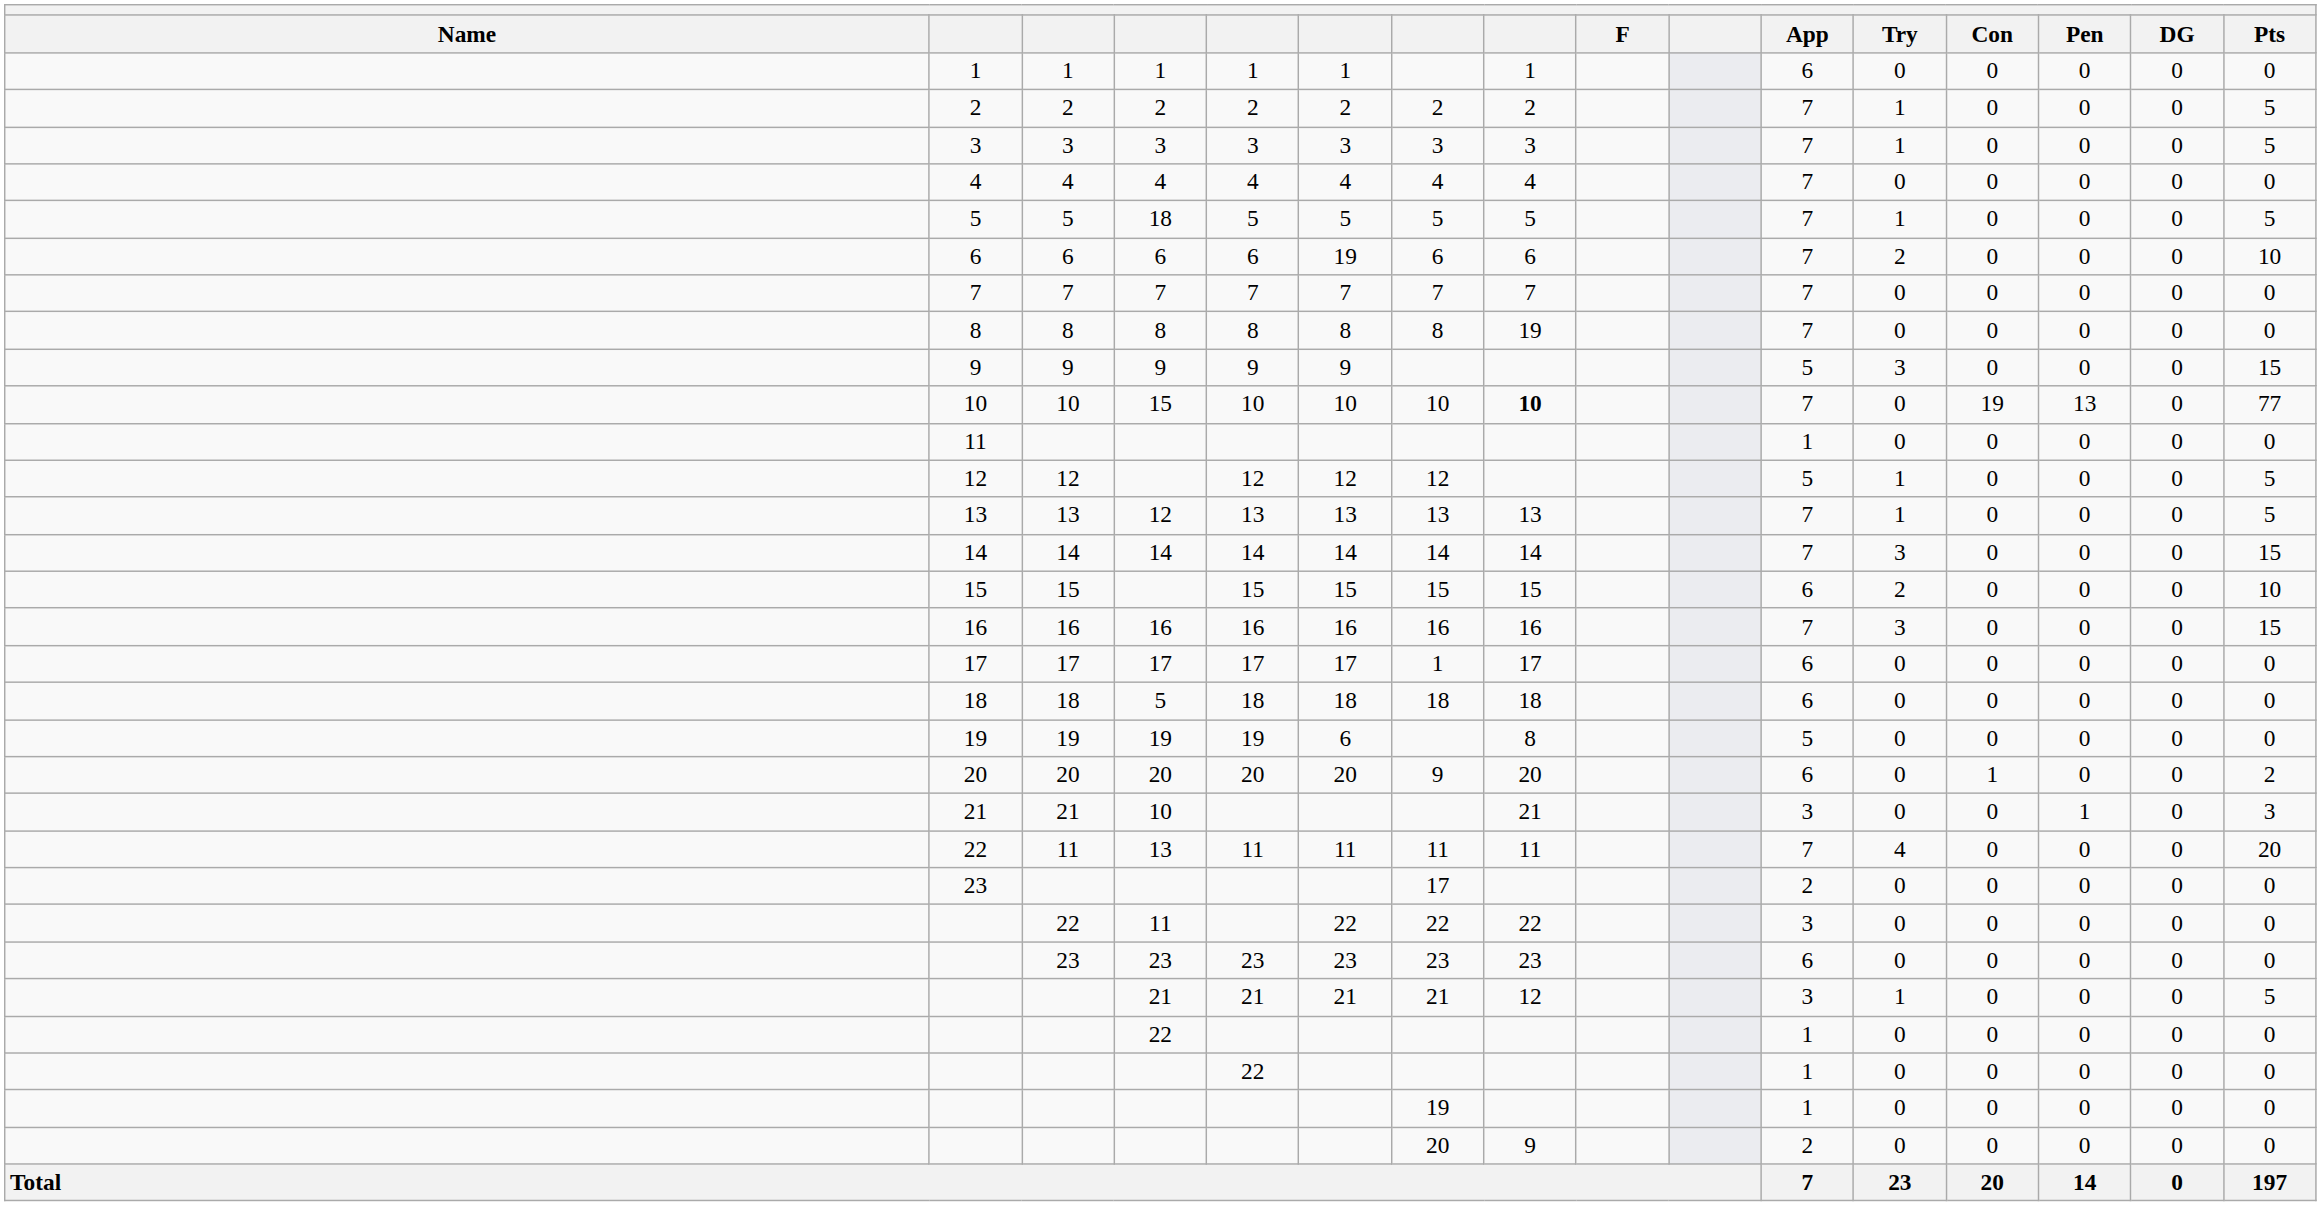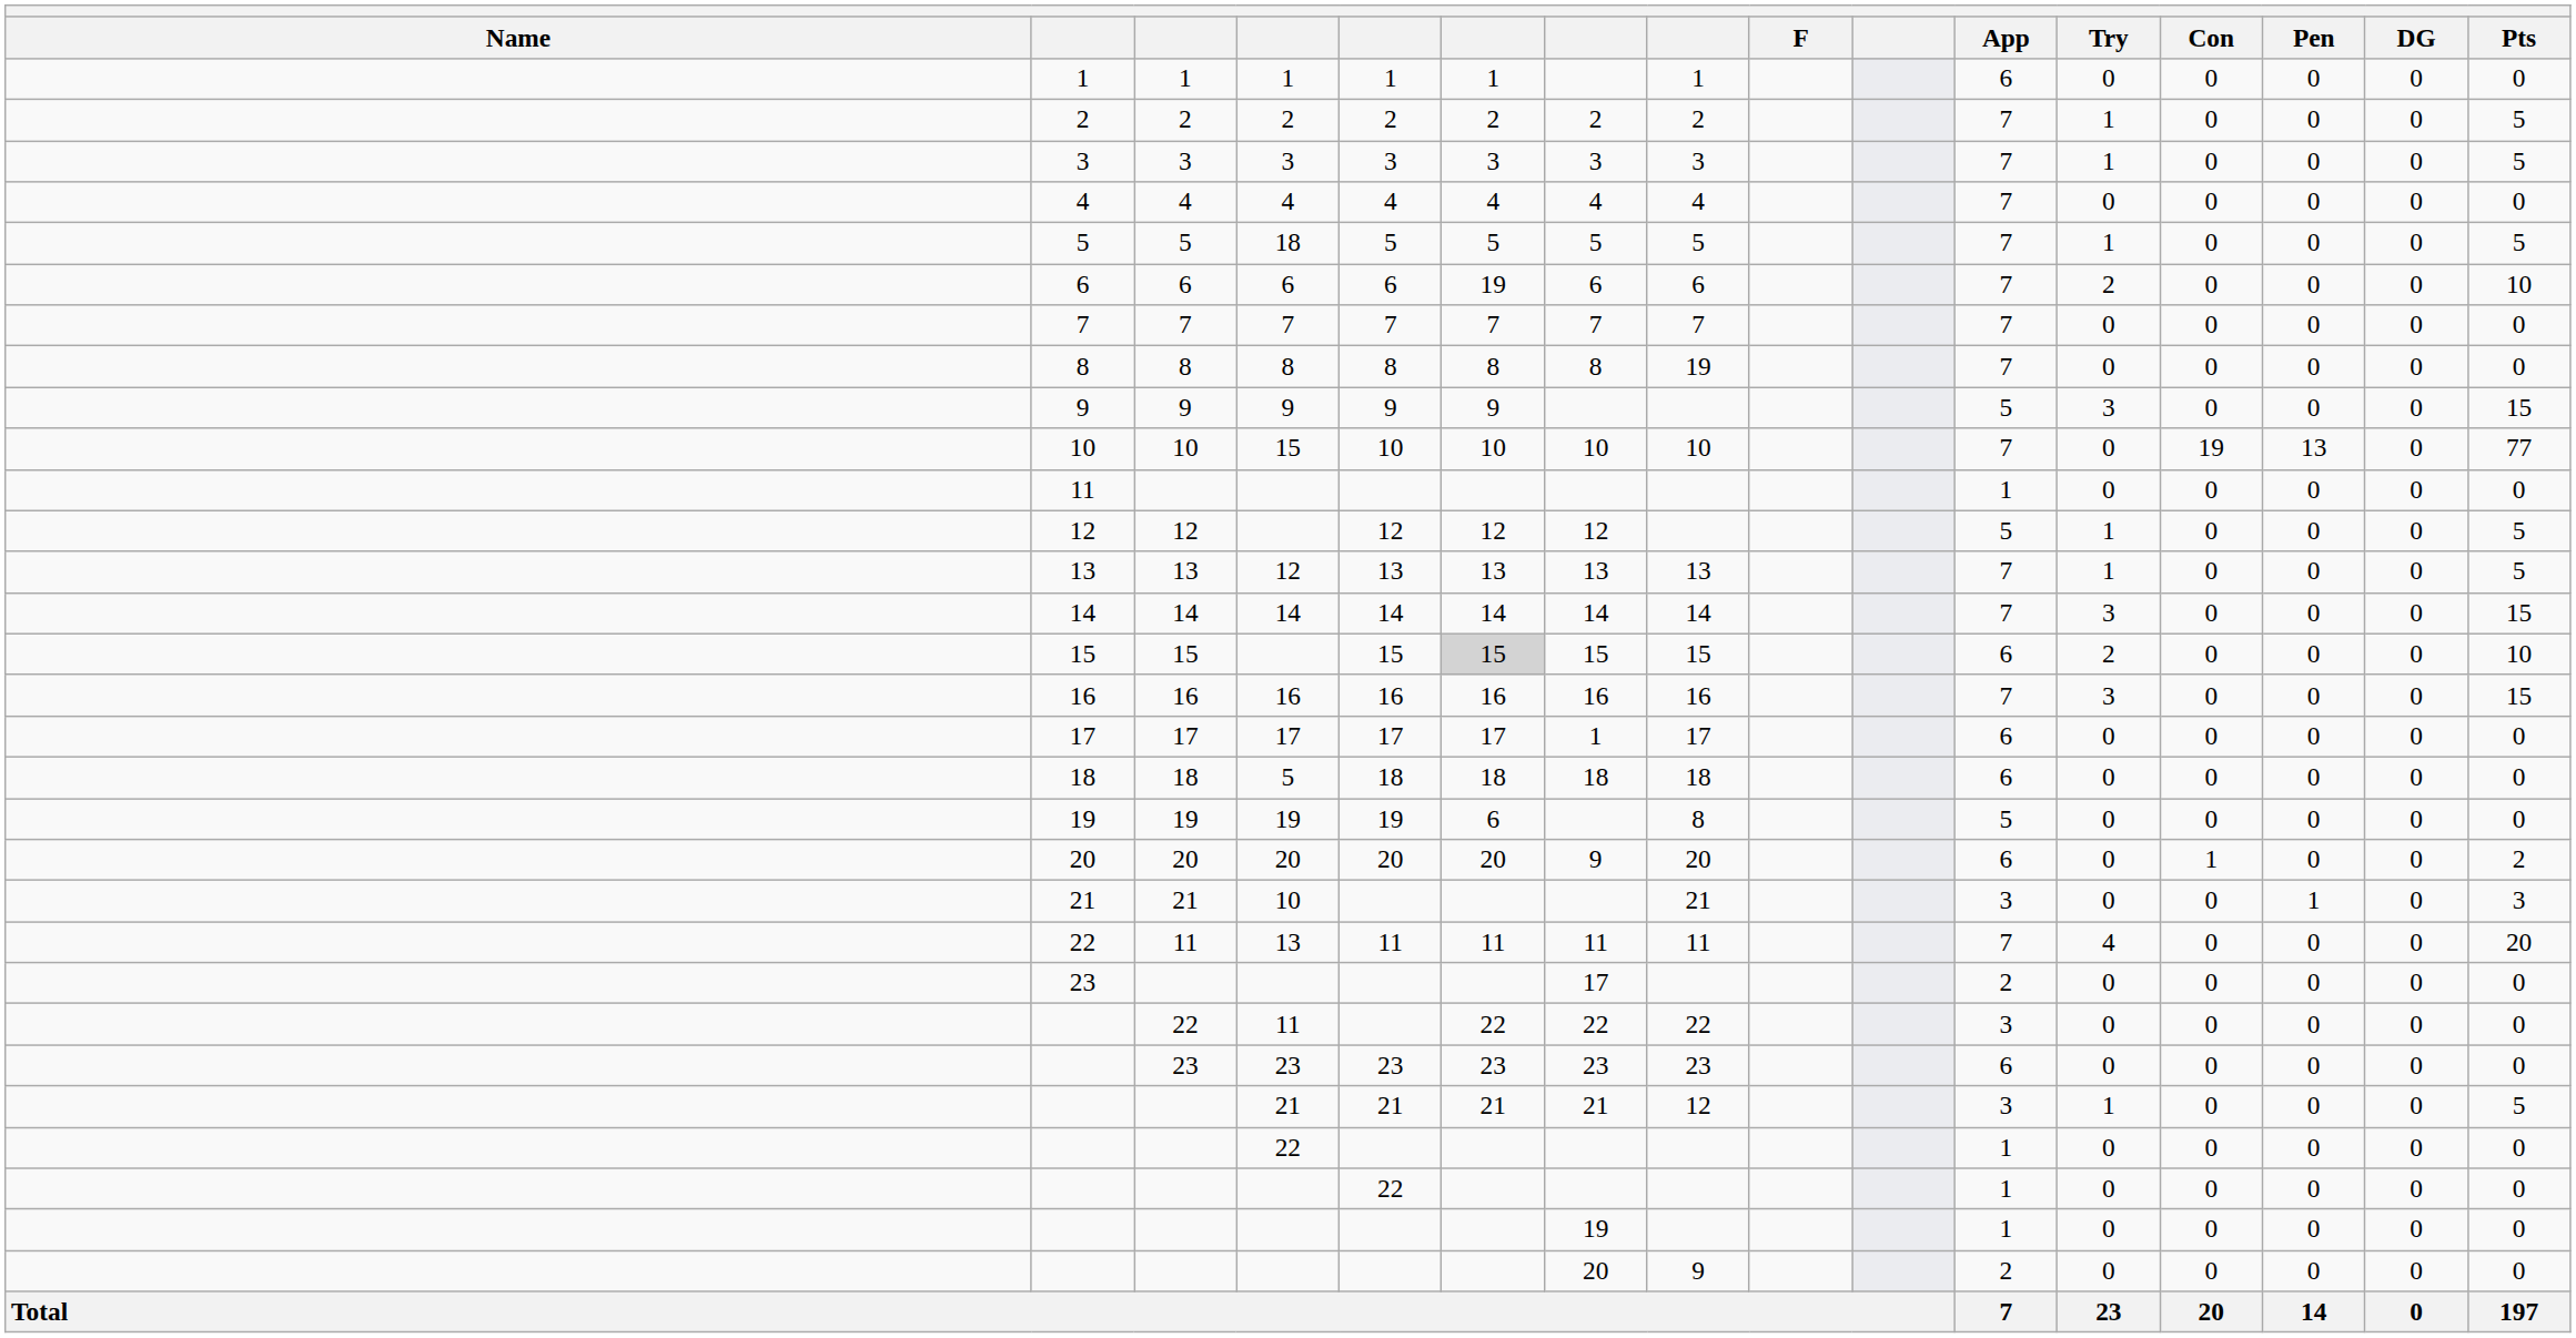 <table class="wikitable collapsible collapsed" style="text-align:center; font-size:100%; width:100%">
 <tr>
 <th colspan="100%"></th>
 </tr>
 <tr>
 <th style="width:40%;">Name</th>
 <th style="width:4%;"></th>
 <th style="width:4%;"></th>
 <th style="width:4%;"></th>
 <th style="width:4%;"></th>
 <th style="width:4%;"></th>
 <th style="width:4%;"></th>
 <th style="width:4%;"></th>
 <th style="width:4%;">F</th>
 <th style="width:4%;"></th>
 <th style="width:4%;">App</th>
 <th style="width:4%;">Try</th>
 <th style="width:4%;">Con</th>
 <th style="width:4%;">Pen</th>
 <th style="width:4%;">DG</th>
 <th style="width:4%;">Pts</th>
 </tr>
 <tr>
 <td style="text-align:left;"></td>
 <td>1</td>
 <td>1</td>
 <td>1</td>
 <td>1</td>
 <td>1</td>
 <td></td>
 <td>1</td>
 <td></td>
 <td style="background:#EBECF0;"></td>
 <td>6</td>
 <td>0</td>
 <td>0</td>
 <td>0</td>
 <td>0</td>
 <td>0</td>
 </tr>
 <tr>
 <td style="text-align:left;"></td>
 <td>2</td>
 <td>2</td>
 <td>2</td>
 <td>2</td>
 <td>2</td>
 <td>2</td>
 <td>2</td>
 <td></td>
 <td style="background:#EBECF0;"></td>
 <td>7</td>
 <td>1</td>
 <td>0</td>
 <td>0</td>
 <td>0</td>
 <td>5</td>
 </tr>
 <tr>
 <td style="text-align:left;"></td>
 <td>3</td>
 <td>3</td>
 <td>3</td>
 <td>3</td>
 <td>3</td>
 <td>3</td>
 <td>3</td>
 <td></td>
 <td style="background:#EBECF0;"></td>
 <td>7</td>
 <td>1</td>
 <td>0</td>
 <td>0</td>
 <td>0</td>
 <td>5</td>
 </tr>
 <tr>
 <td style="text-align:left;"></td>
 <td>4</td>
 <td>4</td>
 <td>4</td>
 <td>4</td>
 <td>4</td>
 <td>4</td>
 <td>4</td>
 <td></td>
 <td style="background:#EBECF0;"></td>
 <td>7</td>
 <td>0</td>
 <td>0</td>
 <td>0</td>
 <td>0</td>
 <td>0</td>
 </tr>
 <tr>
 <td style="text-align:left;"></td>
 <td>5</td>
 <td>5</td>
 <td>18 </td>
 <td>5</td>
 <td>5</td>
 <td>5</td>
 <td>5</td>
 <td></td>
 <td style="background:#EBECF0;"></td>
 <td>7</td>
 <td>1</td>
 <td>0</td>
 <td>0</td>
 <td>0</td>
 <td>5</td>
 </tr>
 <tr>
 <td style="text-align:left;"></td>
 <td>6</td>
 <td>6</td>
 <td>6</td>
 <td>6</td>
 <td>19 </td>
 <td>6</td>
 <td>6</td>
 <td></td>
 <td style="background:#EBECF0;"></td>
 <td>7</td>
 <td>2</td>
 <td>0</td>
 <td>0</td>
 <td>0</td>
 <td>10</td>
 </tr>
 <tr>
 <td style="text-align:left;"></td>
 <td>7</td>
 <td>7</td>
 <td>7</td>
 <td>7</td>
 <td>7</td>
 <td>7</td>
 <td>7</td>
 <td></td>
 <td style="background:#EBECF0;"></td>
 <td>7</td>
 <td>0</td>
 <td>0</td>
 <td>0</td>
 <td>0</td>
 <td>0</td>
 </tr>
 <tr>
 <td style="text-align:left;"></td>
 <td>8</td>
 <td>8</td>
 <td>8</td>
 <td>8</td>
 <td>8</td>
 <td>8</td>
 <td>19 </td>
 <td></td>
 <td style="background:#EBECF0;"></td>
 <td>7</td>
 <td>0</td>
 <td>0</td>
 <td>0</td>
 <td>0</td>
 <td>0</td>
 </tr>
 <tr>
 <td style="text-align:left;"></td>
 <td>9</td>
 <td>9</td>
 <td>9</td>
 <td>9</td>
 <td>9</td>
 <td></td>
 <td></td>
 <td></td>
 <td style="background:#EBECF0;"></td>
 <td>5</td>
 <td>3</td>
 <td>0</td>
 <td>0</td>
 <td>0</td>
 <td>15</td>
 </tr>
 <tr>
 <td style="text-align:left;"></td>
 <td>10</td>
 <td>10</td>
 <td>15</td>
 <td>10</td>
 <td>10</td>
 <td>10</td>
-<td><strong>10</strong></td>
+<td>10</td>
 <td></td>
 <td style="background:#EBECF0;"></td>
 <td>7</td>
 <td>0</td>
 <td>19</td>
 <td>13</td>
 <td>0</td>
 <td>77</td>
 </tr>
 <tr>
 <td style="text-align:left;"></td>
 <td>11</td>
 <td></td>
 <td></td>
 <td></td>
 <td></td>
 <td></td>
 <td></td>
 <td></td>
 <td style="background:#EBECF0;"></td>
 <td>1</td>
 <td>0</td>
 <td>0</td>
 <td>0</td>
 <td>0</td>
 <td>0</td>
 </tr>
 <tr>
 <td style="text-align:left;"></td>
 <td>12</td>
 <td>12</td>
 <td></td>
 <td>12</td>
 <td>12</td>
 <td>12</td>
 <td></td>
 <td></td>
 <td style="background:#EBECF0;"></td>
 <td>5</td>
 <td>1</td>
 <td>0</td>
 <td>0</td>
 <td>0</td>
 <td>5</td>
 </tr>
 <tr>
 <td style="text-align:left;"></td>
 <td>13</td>
 <td>13</td>
 <td>12</td>
 <td>13</td>
 <td>13</td>
 <td>13</td>
 <td>13</td>
 <td></td>
 <td style="background:#EBECF0;"></td>
 <td>7</td>
 <td>1</td>
 <td>0</td>
 <td>0</td>
 <td>0</td>
 <td>5</td>
 </tr>
 <tr>
 <td style="text-align:left;"></td>
 <td>14</td>
 <td>14</td>
 <td>14</td>
 <td>14</td>
 <td>14</td>
 <td>14</td>
 <td>14</td>
 <td></td>
 <td style="background:#EBECF0;"></td>
 <td>7</td>
 <td>3</td>
 <td>0</td>
 <td>0</td>
 <td>0</td>
 <td>15</td>
 </tr>
 <tr>
 <td style="text-align:left;"></td>
 <td>15</td>
 <td>15</td>
 <td></td>
 <td>15</td>
-<td>15</td>
+<td style="background: lightgrey;">15</td>
 <td>15</td>
 <td>15</td>
 <td></td>
 <td style="background:#EBECF0;"></td>
 <td>6</td>
 <td>2</td>
 <td>0</td>
 <td>0</td>
 <td>0</td>
 <td>10</td>
 </tr>
 <tr>
 <td style="text-align:left;"></td>
 <td>16 </td>
 <td>16 </td>
 <td>16 </td>
 <td>16 </td>
 <td>16 </td>
 <td>16 </td>
 <td>16 </td>
 <td></td>
 <td style="background:#EBECF0;"></td>
 <td>7</td>
 <td>3</td>
 <td>0</td>
 <td>0</td>
 <td>0</td>
 <td>15</td>
 </tr>
 <tr>
 <td style="text-align:left;"></td>
 <td>17 </td>
 <td>17</td>
 <td>17 </td>
 <td>17 </td>
 <td>17 </td>
 <td>1</td>
 <td>17 </td>
 <td></td>
 <td style="background:#EBECF0;"></td>
 <td>6</td>
 <td>0</td>
 <td>0</td>
 <td>0</td>
 <td>0</td>
 <td>0</td>
 </tr>
 <tr>
 <td style="text-align:left;"></td>
 <td>18 </td>
 <td>18 </td>
 <td>5</td>
 <td>18 </td>
 <td>18 </td>
 <td>18</td>
 <td>18 </td>
 <td></td>
 <td style="background:#EBECF0;"></td>
 <td>6</td>
 <td>0</td>
 <td>0</td>
 <td>0</td>
 <td>0</td>
 <td>0</td>
 </tr>
 <tr>
 <td style="text-align:left;"></td>
 <td>19 </td>
 <td>19</td>
 <td>19 </td>
 <td>19 </td>
 <td>6</td>
 <td></td>
 <td>8</td>
 <td></td>
 <td style="background:#EBECF0;"></td>
 <td>5</td>
 <td>0</td>
 <td>0</td>
 <td>0</td>
 <td>0</td>
 <td>0</td>
 </tr>
 <tr>
 <td style="text-align:left;"></td>
 <td>20 </td>
 <td>20</td>
 <td>20 </td>
 <td>20 </td>
 <td>20 </td>
 <td>9</td>
 <td>20 </td>
 <td></td>
 <td style="background:#EBECF0;"></td>
 <td>6</td>
 <td>0</td>
 <td>1</td>
 <td>0</td>
 <td>0</td>
 <td>2</td>
 </tr>
 <tr>
 <td style="text-align:left;"></td>
 <td>21 </td>
 <td>21 </td>
 <td>10</td>
 <td></td>
 <td></td>
 <td></td>
 <td>21</td>
 <td></td>
 <td style="background:#EBECF0;"></td>
 <td>3</td>
 <td>0</td>
 <td>0</td>
 <td>1</td>
 <td>0</td>
 <td>3</td>
 </tr>
 <tr>
 <td style="text-align:left;"></td>
 <td>22 </td>
 <td>11</td>
 <td>13</td>
 <td>11</td>
 <td>11</td>
 <td>11</td>
 <td>11</td>
 <td></td>
 <td style="background:#EBECF0;"></td>
 <td>7</td>
 <td>4</td>
 <td>0</td>
 <td>0</td>
 <td>0</td>
 <td>20</td>
 </tr>
 <tr>
 <td style="text-align:left;"></td>
 <td>23 </td>
 <td></td>
 <td></td>
 <td></td>
 <td></td>
 <td>17 </td>
 <td></td>
 <td></td>
 <td style="background:#EBECF0;"></td>
 <td>2</td>
 <td>0</td>
 <td>0</td>
 <td>0</td>
 <td>0</td>
 <td>0</td>
 </tr>
 <tr>
 <td style="text-align:left;"></td>
 <td></td>
 <td>22 </td>
 <td>11</td>
 <td></td>
 <td>22 </td>
 <td>22</td>
 <td>22</td>
 <td></td>
 <td style="background:#EBECF0;"></td>
 <td>3</td>
 <td>0</td>
 <td>0</td>
 <td>0</td>
 <td>0</td>
 <td>0</td>
 </tr>
 <tr>
 <td style="text-align:left;"></td>
 <td></td>
 <td>23 </td>
 <td>23 </td>
 <td>23 </td>
 <td>23 </td>
 <td>23 </td>
 <td>23 </td>
 <td></td>
 <td style="background:#EBECF0;"></td>
 <td>6</td>
 <td>0</td>
 <td>0</td>
 <td>0</td>
 <td>0</td>
 <td>0</td>
 </tr>
 <tr>
 <td style="text-align:left;"></td>
 <td></td>
 <td></td>
 <td>21 </td>
 <td>21 </td>
 <td>21</td>
 <td>21</td>
 <td>12</td>
 <td></td>
 <td style="background:#EBECF0;"></td>
 <td>3</td>
 <td>1</td>
 <td>0</td>
 <td>0</td>
 <td>0</td>
 <td>5</td>
 </tr>
 <tr>
 <td style="text-align:left;"></td>
 <td></td>
 <td></td>
 <td>22 </td>
 <td></td>
 <td></td>
 <td></td>
 <td></td>
 <td></td>
 <td style="background:#EBECF0;"></td>
 <td>1</td>
 <td>0</td>
 <td>0</td>
 <td>0</td>
 <td>0</td>
 <td>0</td>
 </tr>
 <tr>
 <td style="text-align:left;"></td>
 <td></td>
 <td></td>
 <td></td>
 <td>22 </td>
 <td></td>
 <td></td>
 <td></td>
 <td></td>
 <td style="background:#EBECF0;"></td>
 <td>1</td>
 <td>0</td>
 <td>0</td>
 <td>0</td>
 <td>0</td>
 <td>0</td>
 </tr>
 <tr>
 <td style="text-align:left;"></td>
 <td></td>
 <td></td>
 <td></td>
 <td></td>
 <td></td>
 <td>19 </td>
 <td></td>
 <td></td>
 <td style="background:#EBECF0;"></td>
 <td>1</td>
 <td>0</td>
 <td>0</td>
 <td>0</td>
 <td>0</td>
 <td>0</td>
 </tr>
 <tr>
 <td style="text-align:left;"></td>
 <td></td>
 <td></td>
 <td></td>
 <td></td>
 <td></td>
 <td>20 </td>
 <td>9</td>
 <td></td>
 <td style="background:#EBECF0;"></td>
 <td>2</td>
 <td>0</td>
 <td>0</td>
 <td>0</td>
 <td>0</td>
 <td>0</td>
 </tr>
 <tr>
 <th colspan="10" style="text-align:left;">Total</th>
 <th>7</th>
 <th>23</th>
 <th>20</th>
 <th>14</th>
 <th>0</th>
 <th>197</th>
 </tr>
 </table>
